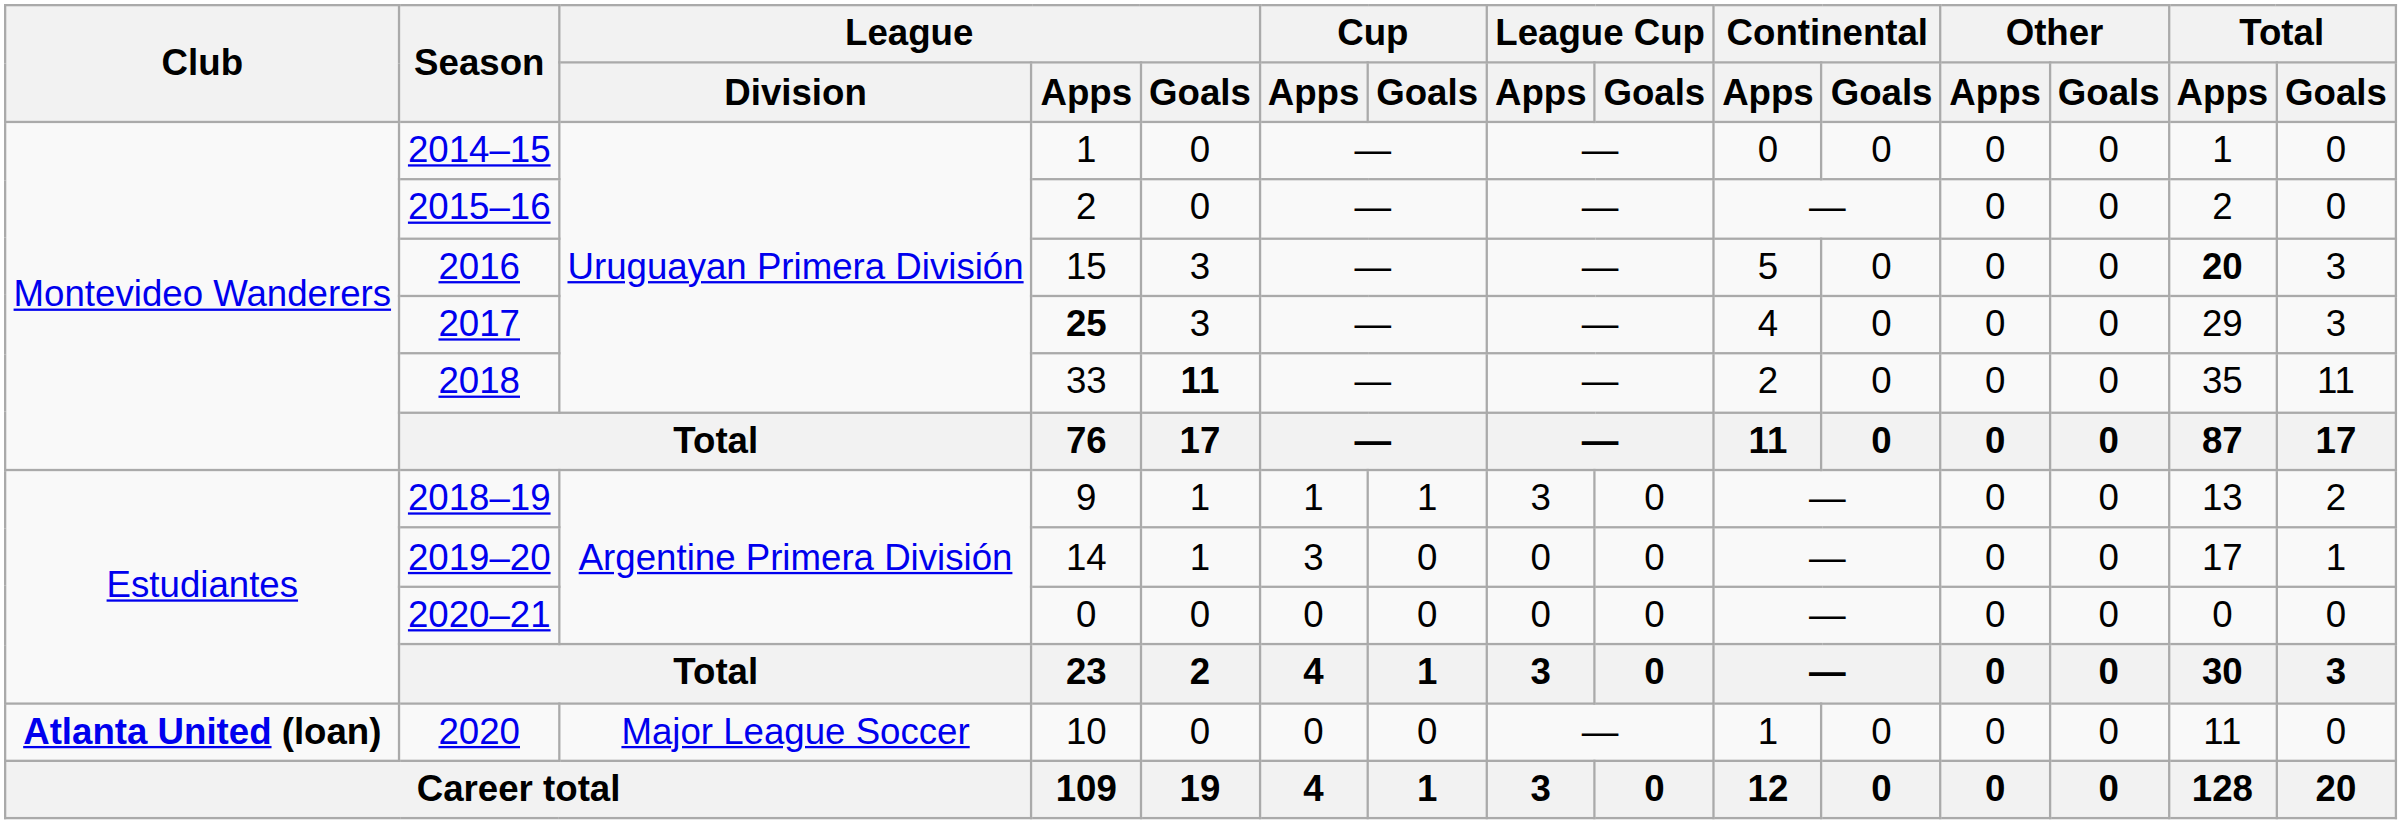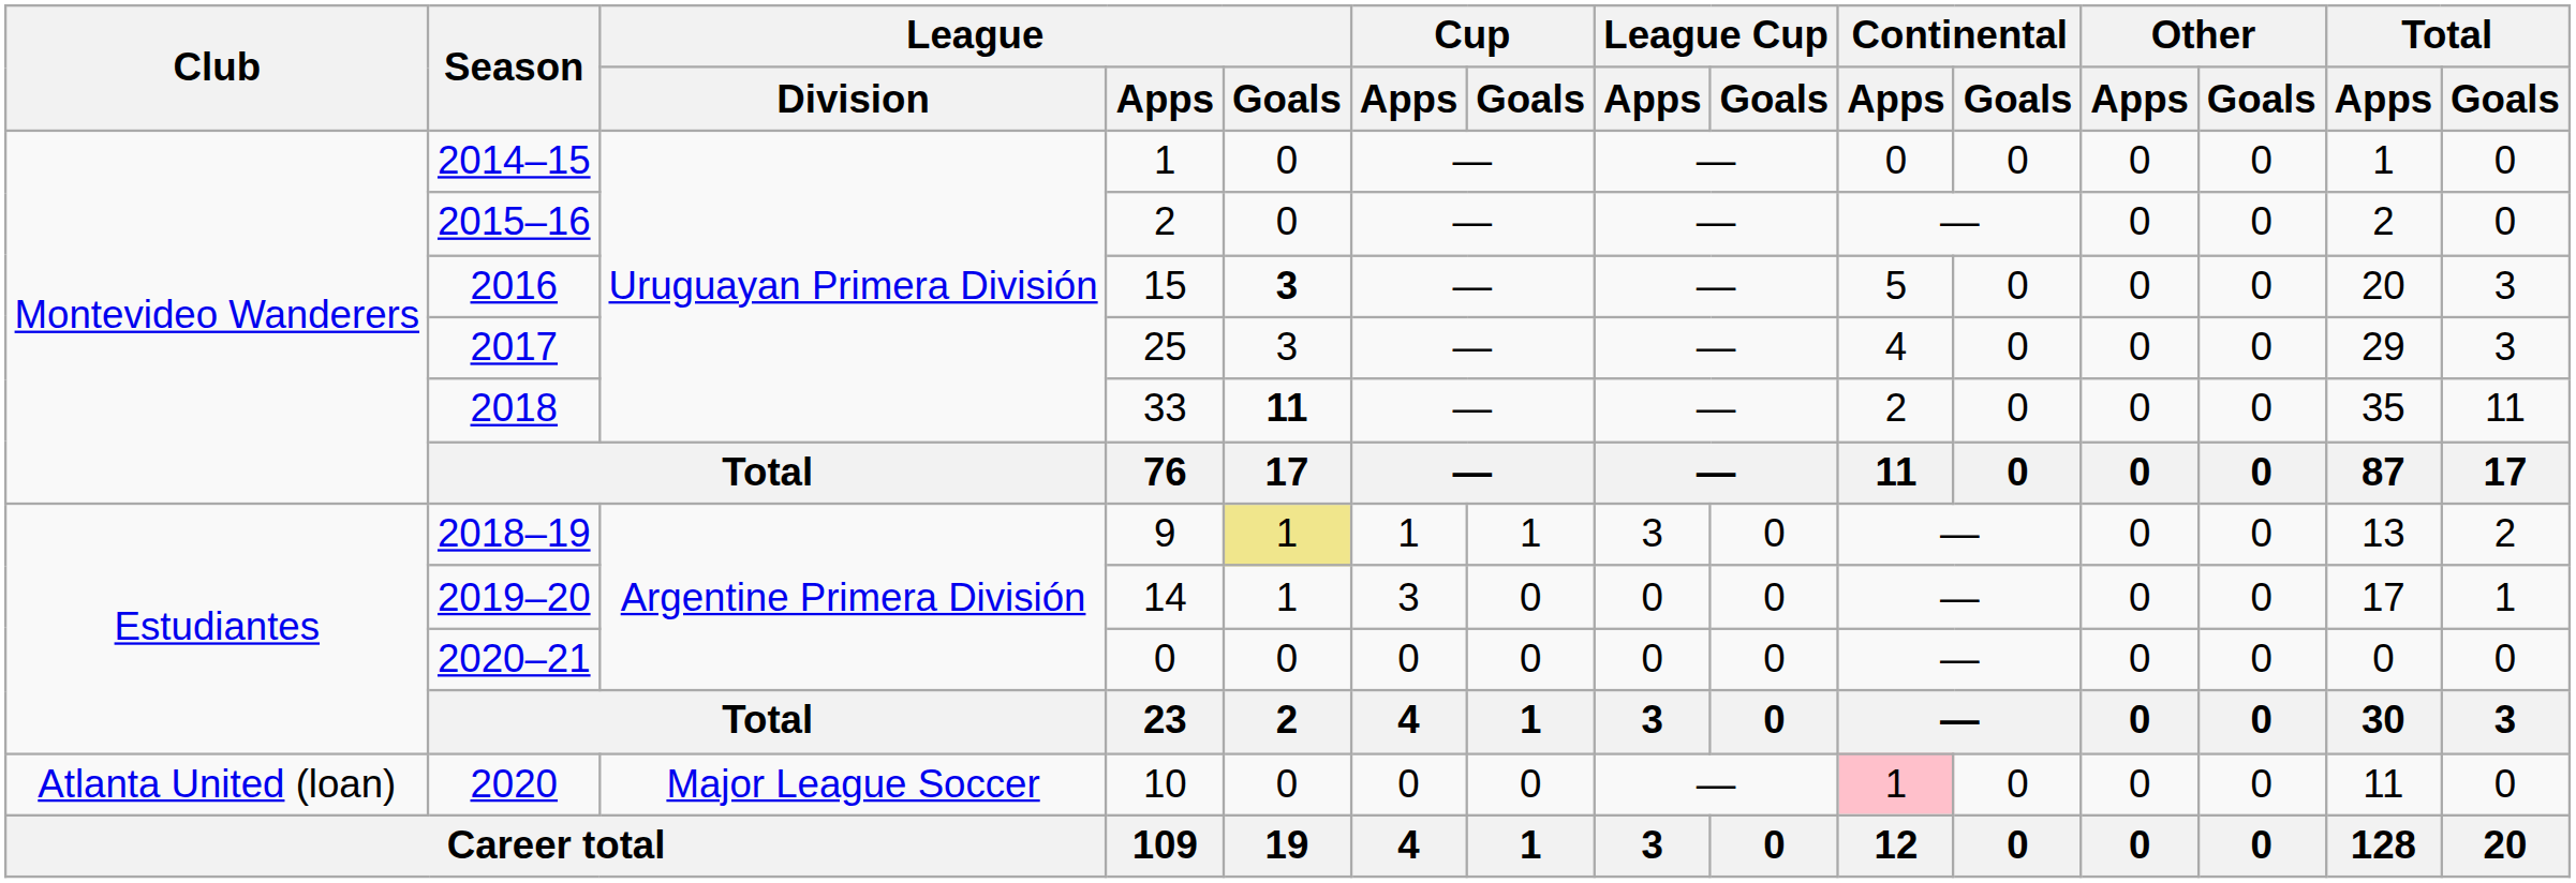 <table class="wikitable" style="text-align:center">
 <tr>
 <th rowspan="2">Club</th>
 <th rowspan="2">Season</th>
 <th colspan="3">League</th>
 <th colspan="2">Cup</th>
 <th colspan="2">League Cup</th>
 <th colspan="2">Continental</th>
 <th colspan="2">Other</th>
 <th colspan="2">Total</th>
 </tr>
 <tr>
 <th>Division</th>
 <th>Apps</th>
 <th>Goals</th>
 <th>Apps</th>
 <th>Goals</th>
 <th>Apps</th>
 <th>Goals</th>
 <th>Apps</th>
 <th>Goals</th>
 <th>Apps</th>
 <th>Goals</th>
 <th>Apps</th>
 <th>Goals</th>
 </tr>
 <tr>
 <td rowspan="6"><a href='#'>Montevideo Wanderers</a></td>
 <td><a href='#'>2014–15</a></td>
 <td rowspan="5"><a href='#'>Uruguayan Primera División</a></td>
 <td>1</td>
 <td>0</td>
 <td colspan="2">—</td>
 <td colspan="2">—</td>
 <td>0</td>
 <td>0</td>
 <td>0</td>
 <td>0</td>
 <td>1</td>
 <td>0</td>
 </tr>
 <tr>
 <td><a href='#'>2015–16</a></td>
 <td>2</td>
 <td>0</td>
 <td colspan="2">—</td>
 <td colspan="2">—</td>
 <td colspan="2">—</td>
 <td>0</td>
 <td>0</td>
 <td>2</td>
 <td>0</td>
 </tr>
 <tr>
 <td><a href='#'>2016</a></td>
 <td>15</td>
-<td>3</td>
+<td><strong>3</strong></td>
 <td colspan="2">—</td>
 <td colspan="2">—</td>
 <td>5</td>
 <td>0</td>
 <td>0</td>
 <td>0</td>
-<td><strong>20</strong></td>
+<td>20</td>
 <td>3</td>
 </tr>
 <tr>
 <td><a href='#'>2017</a></td>
-<td><strong>25</strong></td>
+<td>25</td>
 <td>3</td>
 <td colspan="2">—</td>
 <td colspan="2">—</td>
 <td>4</td>
 <td>0</td>
 <td>0</td>
 <td>0</td>
 <td>29</td>
 <td>3</td>
 </tr>
 <tr>
 <td><a href='#'>2018</a></td>
 <td>33</td>
 <td><strong>11</strong></td>
 <td colspan="2">—</td>
 <td colspan="2">—</td>
 <td>2</td>
 <td>0</td>
 <td>0</td>
 <td>0</td>
 <td>35</td>
 <td>11</td>
 </tr>
 <tr>
 <th colspan="2">Total</th>
 <th>76</th>
 <th>17</th>
 <th colspan="2">—</th>
 <th colspan="2">—</th>
 <th>11</th>
 <th>0</th>
 <th>0</th>
 <th>0</th>
 <th>87</th>
 <th>17</th>
 </tr>
 <tr>
 <td rowspan="4"><a href='#'>Estudiantes</a></td>
 <td><a href='#'>2018–19</a></td>
 <td rowspan="3"><a href='#'>Argentine Primera División</a></td>
 <td>9</td>
-<td>1</td>
+<td style="background: khaki;">1</td>
 <td>1</td>
 <td>1</td>
 <td>3</td>
 <td>0</td>
 <td colspan="2">—</td>
 <td>0</td>
 <td>0</td>
 <td>13</td>
 <td>2</td>
 </tr>
 <tr>
 <td><a href='#'>2019–20</a></td>
 <td>14</td>
 <td>1</td>
 <td>3</td>
 <td>0</td>
 <td>0</td>
 <td>0</td>
 <td colspan="2">—</td>
 <td>0</td>
 <td>0</td>
 <td>17</td>
 <td>1</td>
 </tr>
 <tr>
 <td><a href='#'>2020–21</a></td>
 <td>0</td>
 <td>0</td>
 <td>0</td>
 <td>0</td>
 <td>0</td>
 <td>0</td>
 <td colspan="2">—</td>
 <td>0</td>
 <td>0</td>
 <td>0</td>
 <td>0</td>
 </tr>
 <tr>
 <th colspan="2">Total</th>
 <th>23</th>
 <th>2</th>
 <th>4</th>
 <th>1</th>
 <th>3</th>
 <th>0</th>
 <th colspan="2">—</th>
 <th>0</th>
 <th>0</th>
 <th>30</th>
 <th>3</th>
 </tr>
 <tr>
-<td rowspan="1"><strong><a href='#'>Atlanta United</a> (loan)</strong></td>
+<td rowspan="1"><a href='#'>Atlanta United</a> (loan)</td>
 <td><a href='#'>2020</a></td>
 <td rowspan="1"><a href='#'>Major League Soccer</a></td>
 <td>10</td>
 <td>0</td>
 <td>0</td>
 <td>0</td>
 <td colspan="2">—</td>
-<td>1</td>
+<td style="background: pink;">1</td>
 <td>0</td>
 <td>0</td>
 <td>0</td>
 <td>11</td>
 <td>0</td>
 </tr>
 <tr>
 <th colspan="3">Career total</th>
 <th>109</th>
 <th>19</th>
 <th>4</th>
 <th>1</th>
 <th>3</th>
 <th>0</th>
 <th>12</th>
 <th>0</th>
 <th>0</th>
 <th>0</th>
 <th>128</th>
 <th>20</th>
 </tr>
 </table>
